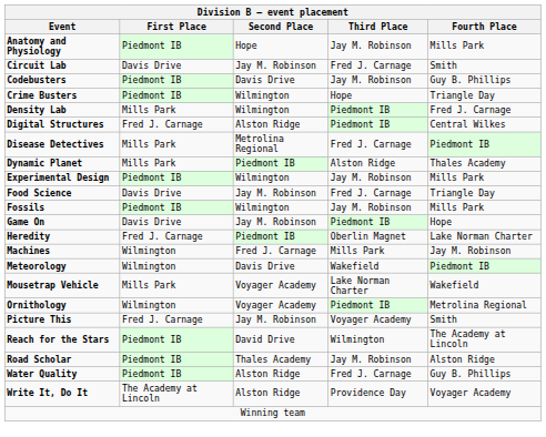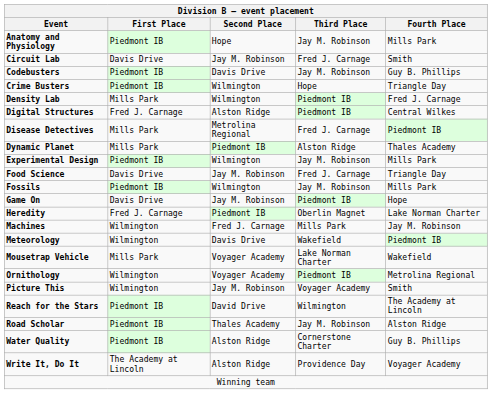 <table class="wikitable collapsible collapsed" style="float:left; width:780px">
 <tr>
 <th colspan=5>Division B – event placement</th>
 </tr>
 <tr>
 <th>Event</th>
 <th>First Place</th>
 <th>Second Place</th>
 <th>Third Place</th>
 <th>Fourth Place</th>
 </tr>
 <tr>
 <td><strong>Anatomy and Physiology</strong></td>
 <td style="background:#ddffdd">Piedmont IB</td>
 <td>Hope</td>
 <td>Jay M. Robinson</td>
 <td>Mills Park</td>
 </tr>
 <tr>
 <td><strong>Circuit Lab</strong></td>
 <td>Davis Drive</td>
 <td>Jay M. Robinson</td>
 <td>Fred J. Carnage</td>
 <td>Smith</td>
 </tr>
 <tr>
 <td><strong>Codebusters</strong></td>
 <td style="background:#ddffdd">Piedmont IB</td>
 <td>Davis Drive</td>
 <td>Jay M. Robinson</td>
 <td>Guy B. Phillips</td>
 </tr>
 <tr>
 <td><strong>Crime Busters</strong></td>
 <td style="background:#ddffdd">Piedmont IB</td>
 <td>Wilmington</td>
 <td>Hope</td>
 <td>Triangle Day</td>
 </tr>
 <tr>
 <td><strong>Density Lab</strong></td>
 <td>Mills Park</td>
 <td>Wilmington</td>
 <td style="background:#ddffdd">Piedmont IB</td>
 <td>Fred J. Carnage</td>
 </tr>
 <tr>
 <td><strong>Digital Structures</strong></td>
 <td>Fred J. Carnage</td>
 <td>Alston Ridge</td>
 <td style="background:#ddffdd">Piedmont IB</td>
 <td>Central Wilkes</td>
 </tr>
 <tr>
 <td><strong>Disease Detectives</strong></td>
 <td>Mills Park</td>
 <td>Metrolina Regional</td>
 <td>Fred J. Carnage</td>
 <td style="background:#ddffdd">Piedmont IB</td>
 </tr>
 <tr>
 <td><strong>Dynamic Planet</strong></td>
 <td>Mills Park</td>
 <td style="background:#ddffdd">Piedmont IB</td>
 <td>Alston Ridge</td>
 <td>Thales Academy</td>
 </tr>
 <tr>
 <td><strong>Experimental Design</strong></td>
 <td style="background:#ddffdd">Piedmont IB</td>
 <td>Wilmington</td>
 <td>Jay M. Robinson</td>
 <td>Mills Park</td>
 </tr>
 <tr>
 <td><strong>Food Science</strong></td>
 <td>Davis Drive</td>
 <td>Jay M. Robinson</td>
 <td>Fred J. Carnage</td>
 <td>Triangle Day</td>
 </tr>
 <tr>
 <td><strong>Fossils</strong></td>
 <td style="background:#ddffdd">Piedmont IB</td>
 <td>Wilmington</td>
 <td>Jay M. Robinson</td>
 <td>Mills Park</td>
 </tr>
 <tr>
 <td><strong>Game On</strong></td>
 <td>Davis Drive</td>
 <td>Jay M. Robinson</td>
 <td style="background:#ddffdd">Piedmont IB</td>
 <td>Hope</td>
 </tr>
 <tr>
 <td><strong>Heredity</strong></td>
 <td>Fred J. Carnage</td>
 <td style="background:#ddffdd">Piedmont IB</td>
 <td>Oberlin Magnet</td>
 <td>Lake Norman Charter</td>
 </tr>
 <tr>
 <td><strong>Machines</strong></td>
 <td>Wilmington</td>
 <td>Fred J. Carnage</td>
 <td>Mills Park</td>
 <td>Jay M. Robinson</td>
 </tr>
 <tr>
 <td><strong>Meteorology</strong></td>
 <td>Wilmington</td>
 <td>Davis Drive</td>
 <td>Wakefield</td>
 <td style="background:#ddffdd">Piedmont IB</td>
 </tr>
 <tr>
 <td><strong>Mousetrap Vehicle</strong></td>
 <td>Mills Park</td>
 <td>Voyager Academy</td>
 <td>Lake Norman Charter</td>
 <td>Wakefield</td>
 </tr>
 <tr>
 <td><strong>Ornithology</strong></td>
 <td>Wilmington</td>
 <td>Voyager Academy</td>
 <td style="background:#ddffdd">Piedmont IB</td>
 <td>Metrolina Regional</td>
 </tr>
 <tr>
 <td><strong>Picture This</strong></td>
-<td>Fred J. Carnage</td>
+<td>Wilmington</td>
 <td>Jay M. Robinson</td>
 <td>Voyager Academy</td>
 <td>Smith</td>
 </tr>
 <tr>
 <td><strong>Reach for the Stars</strong></td>
 <td style="background:#ddffdd">Piedmont IB</td>
 <td>David Drive</td>
 <td>Wilmington</td>
 <td>The Academy at Lincoln</td>
 </tr>
 <tr>
 <td><strong>Road Scholar</strong></td>
 <td style="background:#ddffdd">Piedmont IB</td>
 <td>Thales Academy</td>
 <td>Jay M. Robinson</td>
 <td>Alston Ridge</td>
 </tr>
 <tr>
 <td><strong>Water Quality</strong></td>
 <td style="background:#ddffdd">Piedmont IB</td>
 <td>Alston Ridge</td>
-<td>Fred J. Carnage</td>
+<td>Cornerstone Charter</td>
 <td>Guy B. Phillips</td>
 </tr>
 <tr>
 <td><strong>Write It, Do It</strong></td>
 <td>The Academy at Lincoln</td>
 <td>Alston Ridge</td>
 <td>Providence Day</td>
 <td>Voyager Academy</td>
 </tr>
 <tr>
 <td colspan=5 style=text-align:center> Winning team</td>
 </tr>
 </table>
